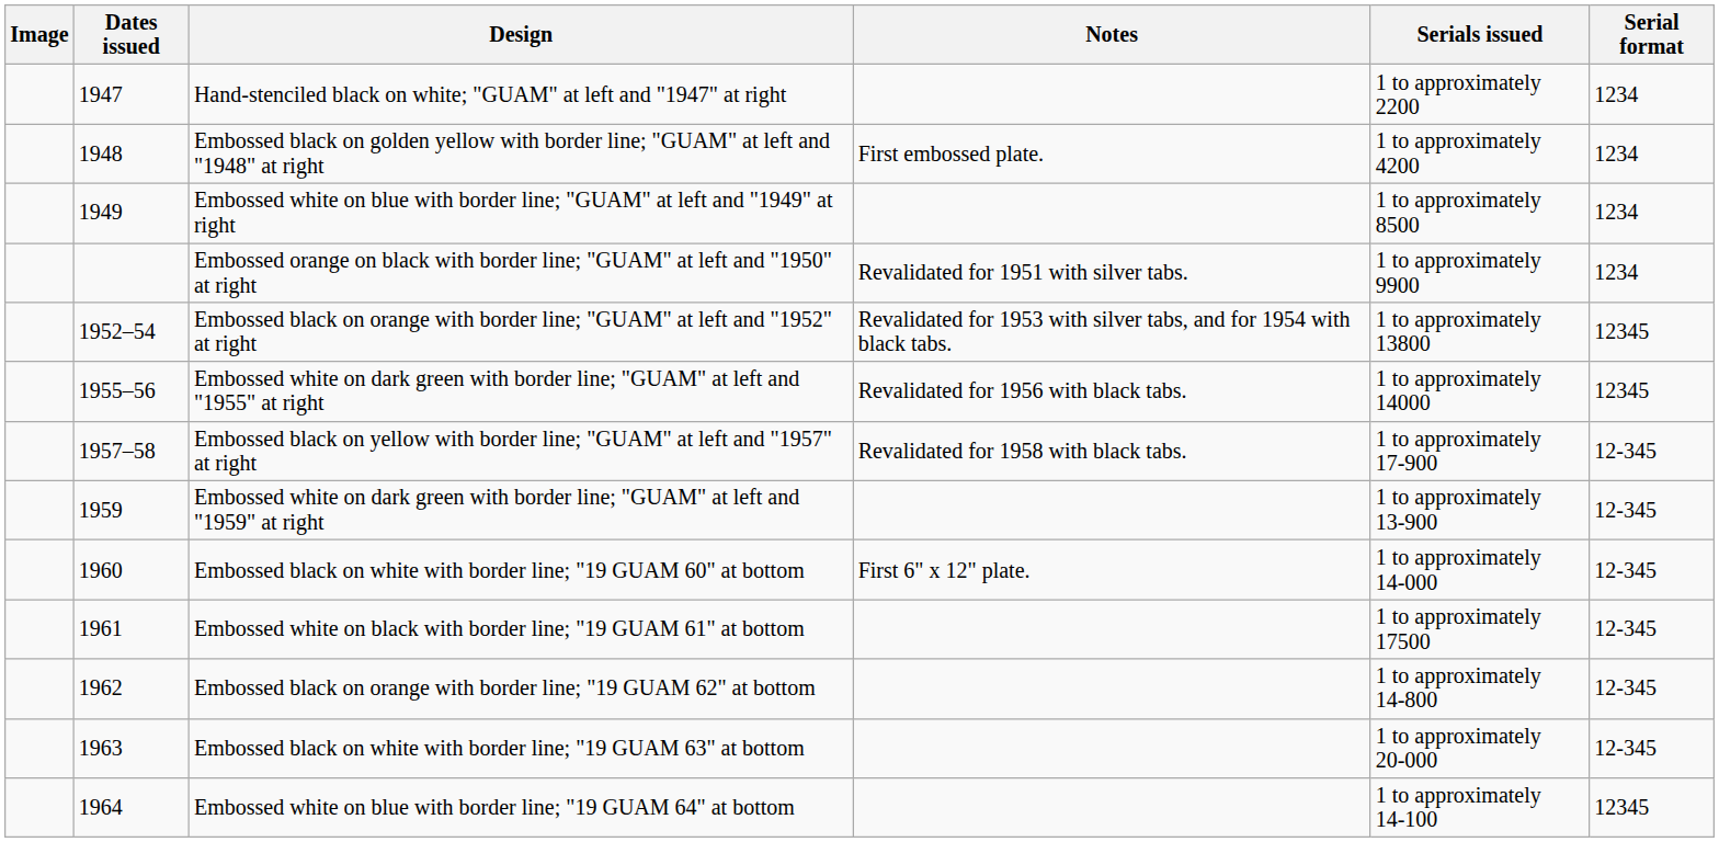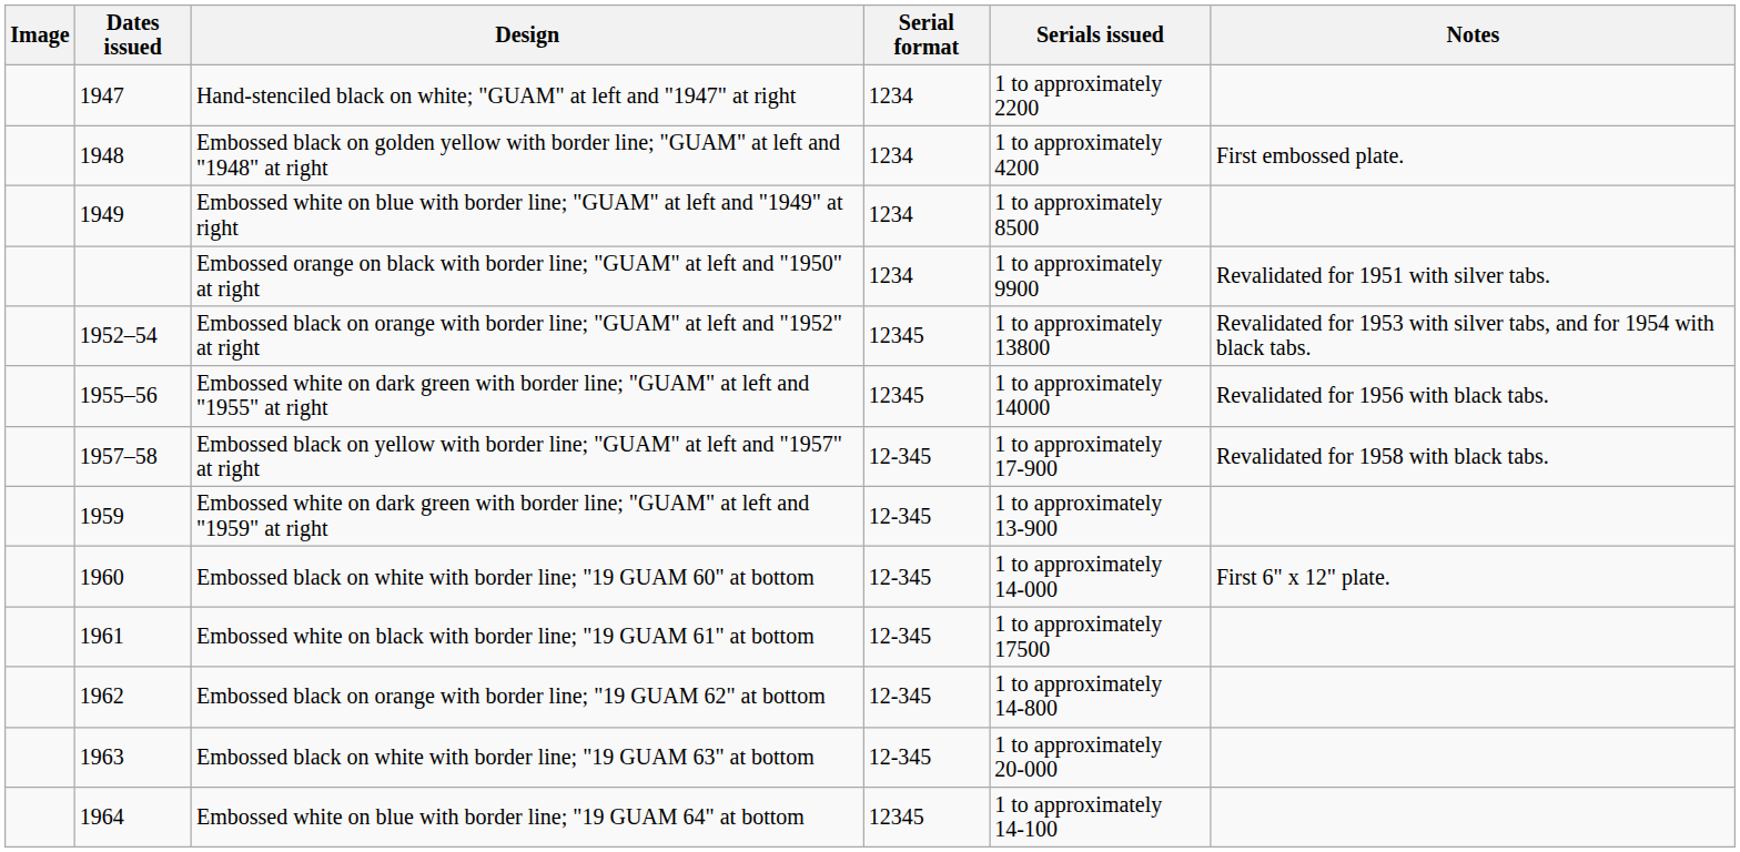 <table class="wikitable">
 <tr>
 <th>Image</th>
 <th>Dates issued</th>
 <th>Design</th>
+<th>Serial format</th>
+<th>Serials issued</th>
 <th>Notes</th>
-<th>Serials issued</th>
-<th>Serial format</th>
 </tr>
 <tr>
 <td></td>
 <td>1947</td>
 <td>Hand-stenciled black on white; "GUAM" at left and "1947" at right</td>
+<td>1234</td>
+<td>1 to approximately 2200</td>
 <td></td>
-<td>1 to approximately 2200</td>
-<td>1234</td>
 </tr>
 <tr>
 <td></td>
 <td>1948</td>
 <td>Embossed black on golden yellow with border line; "GUAM" at left and "1948" at right</td>
+<td>1234</td>
+<td>1 to approximately 4200</td>
 <td>First embossed plate.</td>
-<td>1 to approximately 4200</td>
-<td>1234</td>
 </tr>
 <tr>
 <td></td>
 <td>1949</td>
 <td>Embossed white on blue with border line; "GUAM" at left and "1949" at right</td>
+<td>1234</td>
+<td>1 to approximately 8500</td>
 <td></td>
-<td>1 to approximately 8500</td>
-<td>1234</td>
 </tr>
 <tr>
 <td></td>
 <td></td>
 <td>Embossed orange on black with border line; "GUAM" at left and "1950" at right</td>
+<td>1234</td>
+<td>1 to approximately 9900</td>
 <td>Revalidated for 1951 with silver tabs.</td>
-<td>1 to approximately 9900</td>
-<td>1234</td>
 </tr>
 <tr>
 <td></td>
 <td>1952–54</td>
 <td>Embossed black on orange with border line; "GUAM" at left and "1952" at right</td>
+<td>12345</td>
+<td>1 to approximately 13800</td>
 <td>Revalidated for 1953 with silver tabs, and for 1954 with black tabs.</td>
-<td>1 to approximately 13800</td>
-<td>12345</td>
 </tr>
 <tr>
 <td></td>
 <td>1955–56</td>
 <td>Embossed white on dark green with border line; "GUAM" at left and "1955" at right</td>
+<td>12345</td>
+<td>1 to approximately 14000</td>
 <td>Revalidated for 1956 with black tabs.</td>
-<td>1 to approximately 14000</td>
-<td>12345</td>
 </tr>
 <tr>
 <td></td>
 <td>1957–58</td>
 <td>Embossed black on yellow with border line; "GUAM" at left and "1957" at right</td>
+<td>12-345</td>
+<td>1 to approximately<br>17-900</td>
 <td>Revalidated for 1958 with black tabs.</td>
-<td>1 to approximately<br>17-900</td>
-<td>12-345</td>
 </tr>
 <tr>
 <td></td>
 <td>1959</td>
 <td>Embossed white on dark green with border line; "GUAM" at left and "1959" at right</td>
+<td>12-345</td>
+<td>1 to approximately<br>13-900</td>
 <td></td>
-<td>1 to approximately<br>13-900</td>
-<td>12-345</td>
 </tr>
 <tr>
 <td></td>
 <td>1960</td>
 <td>Embossed black on white with border line; "19 GUAM 60" at bottom</td>
+<td>12-345</td>
+<td>1 to approximately<br>14-000</td>
 <td>First 6" x 12" plate.</td>
-<td>1 to approximately<br>14-000</td>
-<td>12-345</td>
 </tr>
 <tr>
 <td></td>
 <td>1961</td>
 <td>Embossed white on black with border line; "19 GUAM 61" at bottom</td>
+<td>12-345</td>
+<td>1 to approximately 17500</td>
 <td></td>
-<td>1 to approximately 17500</td>
-<td>12-345</td>
 </tr>
 <tr>
 <td></td>
 <td>1962</td>
 <td>Embossed black on orange with border line; "19 GUAM 62" at bottom</td>
+<td>12-345</td>
+<td>1 to approximately<br>14-800</td>
 <td></td>
-<td>1 to approximately<br>14-800</td>
-<td>12-345</td>
 </tr>
 <tr>
 <td></td>
 <td>1963</td>
 <td>Embossed black on white with border line; "19 GUAM 63" at bottom</td>
+<td>12-345</td>
+<td>1 to approximately<br>20-000</td>
 <td></td>
-<td>1 to approximately<br>20-000</td>
-<td>12-345</td>
 </tr>
 <tr>
 <td></td>
 <td>1964</td>
 <td>Embossed white on blue with border line; "19 GUAM 64" at bottom</td>
+<td>12345</td>
+<td>1 to approximately<br>14-100</td>
 <td></td>
-<td>1 to approximately<br>14-100</td>
-<td>12345</td>
 </tr>
 </table>
